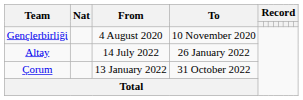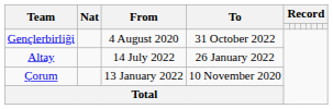 <table class="wikitable" style="text-align: center">
 <tr>
 <th rowspan="2">Team</th>
 <th rowspan="2">Nat</th>
 <th rowspan="2">From</th>
 <th rowspan="2">To</th>
 <th colspan="8">Record</th>
 </tr>
 <tr>
 <th></th>
 <th></th>
 <th></th>
 <th></th>
 <th></th>
 <th></th>
 <th></th>
 <th></th>
 </tr>
 <tr>
 <td><a href='#'>Gençlerbirliği</a></td>
 <td></td>
 <td>4 August 2020</td>
-<td>10 November 2020<br></td>
+<td>31 October 2022<br></td>
 </tr>
 <tr>
 <td><a href='#'>Altay</a></td>
 <td></td>
 <td>14 July 2022</td>
 <td>26 January 2022<br></td>
 </tr>
 <tr>
 <td><a href='#'>Çorum</a></td>
 <td></td>
 <td>13 January 2022</td>
-<td>31 October 2022<br></td>
+<td>10 November 2020<br></td>
 </tr>
 <tr>
 <th colspan="4">Total<br></th>
 </tr>
 </table>
